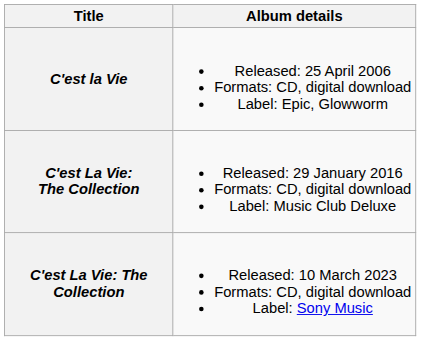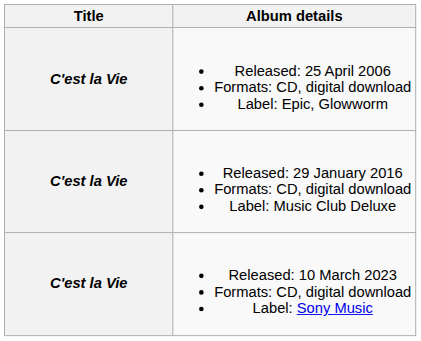 <table class="wikitable plainrowheaders" style="text-align:center;">
 <tr>
 <th scope="col" style="width:11em;">Title</th>
 <th scope="col" style="width:16em;">Album details</th>
 </tr>
 <tr>
 <th scope="row"><em>C'est la Vie</em></th>
 <td><br><ul><li>Released: 25 April 2006</li><li>Formats: CD, digital download</li><li>Label: Epic, Glowworm</li></ul></td>
 </tr>
 <tr>
-<th scope="row"><em> C'est La Vie:<br>The Collection</em></th>
+<th scope="row"><em>C'est la Vie</em></th>
 <td><br><ul><li>Released: 29 January 2016</li><li>Formats: CD, digital download</li><li>Label: Music Club Deluxe</li></ul></td>
 </tr>
 <tr>
-<th scope="row"><em> C'est La Vie: The Collection</em></th>
+<th scope="row"><em>C'est la Vie</em></th>
 <td><br><ul><li>Released: 10 March 2023</li><li>Formats: CD, digital download</li><li>Label: <a href='#'>Sony Music</a></li></ul></td>
 </tr>
 </table>
